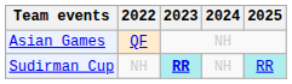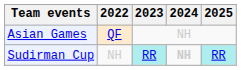 <table class="wikitable" style="font-size: 90%; text-align:center">
 <tr>
 <th>Team events</th>
 <th>2022</th>
 <th>2023</th>
 <th>2024</th>
 <th>2025</th>
 </tr>
 <tr>
 <td bgcolor="#ECF2FF"; align="left"><a href='#'>Asian Games</a></td>
 <td bgcolor=FFEBCD><a href='#'>QF</a></td>
 <td colspan="3" style=color:#ccc>NH</td>
 </tr>
 <tr>
 <td bgcolor="#ECF2FF"; align="left"><a href='#'>Sudirman Cup</a></td>
 <td style=color:#ccc>NH</td>
-<td bgcolor=AFEEEE><strong><a href='#'>RR</a></strong></td>
-<td style=color:#ccc>NH</td>
+<td bgcolor=AFEEEE><a href='#'>RR</a></td>
+<td style=color:#ccc><strong>NH</strong></td>
 <td bgcolor=AFEEEE><a href='#'>RR</a></td>
 </tr>
 </table>
